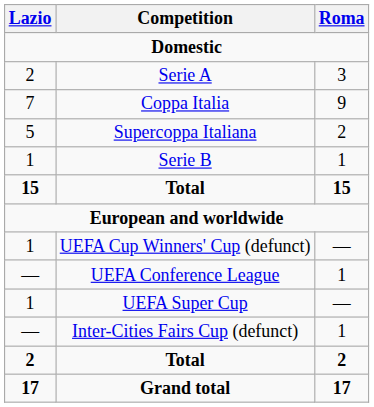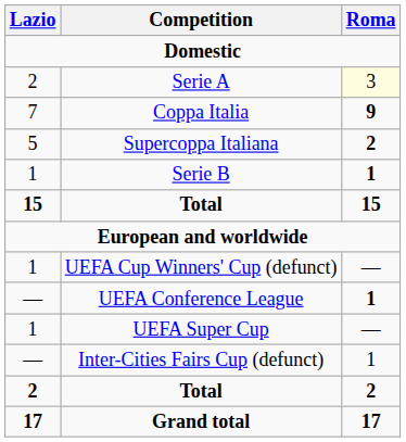 <table class="wikitable sortable">
 <tr>
 <th><a href='#'>Lazio</a></th>
 <th>Competition</th>
 <th><a href='#'>Roma</a></th>
 </tr>
 <tr style="text-align:center;">
 <td colspan="4"><strong>Domestic</strong></td>
 </tr>
 <tr style="text-align:center;">
 <td>2</td>
 <td><a href='#'>Serie A</a></td>
-<td>3</td>
+<td style="background: lightyellow;">3</td>
 </tr>
 <tr style="text-align:center;">
 <td>7</td>
 <td><a href='#'>Coppa Italia</a></td>
-<td>9</td>
+<td><strong>9</strong></td>
 </tr>
 <tr style="text-align:center;">
 <td>5</td>
 <td><a href='#'>Supercoppa Italiana</a></td>
-<td>2</td>
+<td><strong>2</strong></td>
 </tr>
 <tr style="text-align:center;">
 <td>1</td>
 <td><a href='#'>Serie B</a></td>
-<td>1</td>
+<td><strong>1</strong></td>
 </tr>
 <tr align="center">
 <td><strong>15</strong></td>
 <td><strong>Total</strong></td>
 <td><strong>15</strong></td>
 </tr>
 <tr style="text-align:center;">
 <td colspan="4"><strong>European and worldwide</strong></td>
 </tr>
 <tr style="text-align:center;">
 <td>1</td>
 <td><a href='#'>UEFA Cup Winners' Cup</a> (defunct)</td>
 <td>—</td>
 </tr>
 <tr style="text-align:center;">
 <td>—</td>
 <td><a href='#'>UEFA Conference League</a></td>
-<td>1</td>
+<td><strong>1</strong></td>
 </tr>
 <tr style="text-align:center;">
 <td>1</td>
 <td><a href='#'>UEFA Super Cup</a></td>
 <td>—</td>
 </tr>
 <tr style="text-align:center;">
 <td>—</td>
 <td><a href='#'>Inter-Cities Fairs Cup</a> (defunct)</td>
 <td>1</td>
 </tr>
 <tr align="center">
 <td><strong>2</strong></td>
 <td><strong>Total</strong></td>
 <td><strong>2</strong></td>
 </tr>
 <tr align="center">
 <td><strong>17</strong></td>
 <td><strong>Grand total</strong></td>
 <td><strong>17</strong></td>
 </tr>
 </table>
